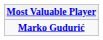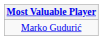 <table class=wikitable style="text-align:center">
 <tr>
 <th><a href='#'>Most Valuable Player</a></th>
 </tr>
 <tr>
-<td><strong> <a href='#'>Marko Gudurić</a></strong></td>
+<td> <a href='#'>Marko Gudurić</a></td>
 </tr>
 </table>
